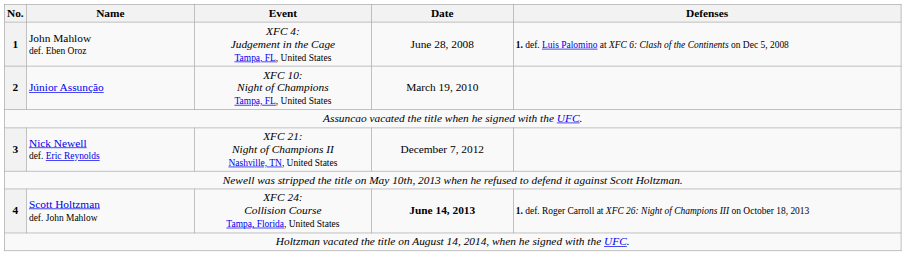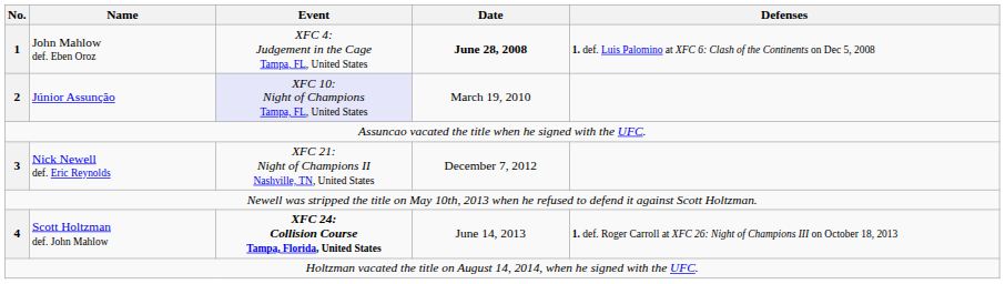 <table class="wikitable" width=100%>
 <tr>
 <th width=1%>No.</th>
 <th width=19%>Name</th>
 <th width=20%>Event</th>
 <th width=16%>Date</th>
 <th width=44%>Defenses</th>
 </tr>
 <tr>
 <th>1</th>
 <td align=left> John Mahlow<br><small>def. Eben Oroz</small></td>
 <td align=center><em>XFC 4:</em><br><em>Judgement in the Cage</em><br><small><a href='#'>Tampa, FL</a>, United States</small></td>
-<td align=center>June 28, 2008</td>
+<td align=center><strong>June 28, 2008</strong></td>
 <td><small><strong>1.</strong> def. <a href='#'>Luis Palomino</a> at <em>XFC 6: Clash of the Continents</em> on Dec 5, 2008</small></td>
 </tr>
 <tr>
 <th>2</th>
 <td align=left> <a href='#'>Júnior Assunção</a></td>
-<td align=center><em>XFC 10:</em><br><em>Night of Champions</em><br><small><a href='#'>Tampa, FL</a>, United States</small></td>
+<td align=center style="background: lavender;"><em>XFC 10:</em><br><em>Night of Champions</em><br><small><a href='#'>Tampa, FL</a>, United States</small></td>
 <td align=center>March 19, 2010</td>
 <td></td>
 </tr>
 <tr>
 <td align="center" colspan="5"><em>Assuncao vacated the title when he signed with the <a href='#'>UFC</a>.</em></td>
 </tr>
 <tr>
 <th>3</th>
 <td align=left> <a href='#'>Nick Newell</a><br><small>def. <a href='#'>Eric Reynolds</a></small></td>
 <td align=center><em>XFC 21:</em><br><em>Night of Champions II</em><br><small><a href='#'>Nashville, TN</a>, United States</small></td>
 <td align=center>December 7, 2012</td>
 <td></td>
 </tr>
 <tr>
 <td align="center" colspan="5"><em>Newell was stripped the title on May 10th, 2013 when he refused to defend it against Scott Holtzman.</em></td>
 </tr>
 <tr>
 <th>4</th>
 <td align=left> <a href='#'>Scott Holtzman</a><br><small>def. John Mahlow</small></td>
-<td align=center><em>XFC 24:</em><br><em>Collision Course</em><br><small><a href='#'>Tampa, Florida</a>, United States</small></td>
-<td align=center><strong>June 14, 2013</strong></td>
+<td align=center><strong><em>XFC 24:</em><br><em>Collision Course</em><br><small><a href='#'>Tampa, Florida</a>, United States</small></strong></td>
+<td align=center>June 14, 2013</td>
 <td><small><strong>1.</strong> def. Roger Carroll at <em>XFC 26: Night of Champions III</em> on October 18, 2013</small></td>
 </tr>
 <tr>
 <td align="center" colspan="5"><em> Holtzman vacated the title on August 14, 2014, when he signed with the <a href='#'>UFC</a>.</em></td>
 </tr>
 </table>
